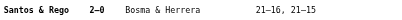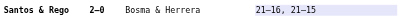 <table>
 <tr>
 <th width=200></th>
 <th width=80></th>
 <th width=200></th>
 <th width=220></th>
 </tr>
 <tr>
 <td align=right> <strong>Santos & Rego</strong></td>
 <td align=center><strong>2–0</strong></td>
 <td align=left>Bosma & Herrera </td>
-<td>21–16, 21–15</td>
+<td style="background: lavender;">21–16, 21–15</td>
 </tr>
 </table>
